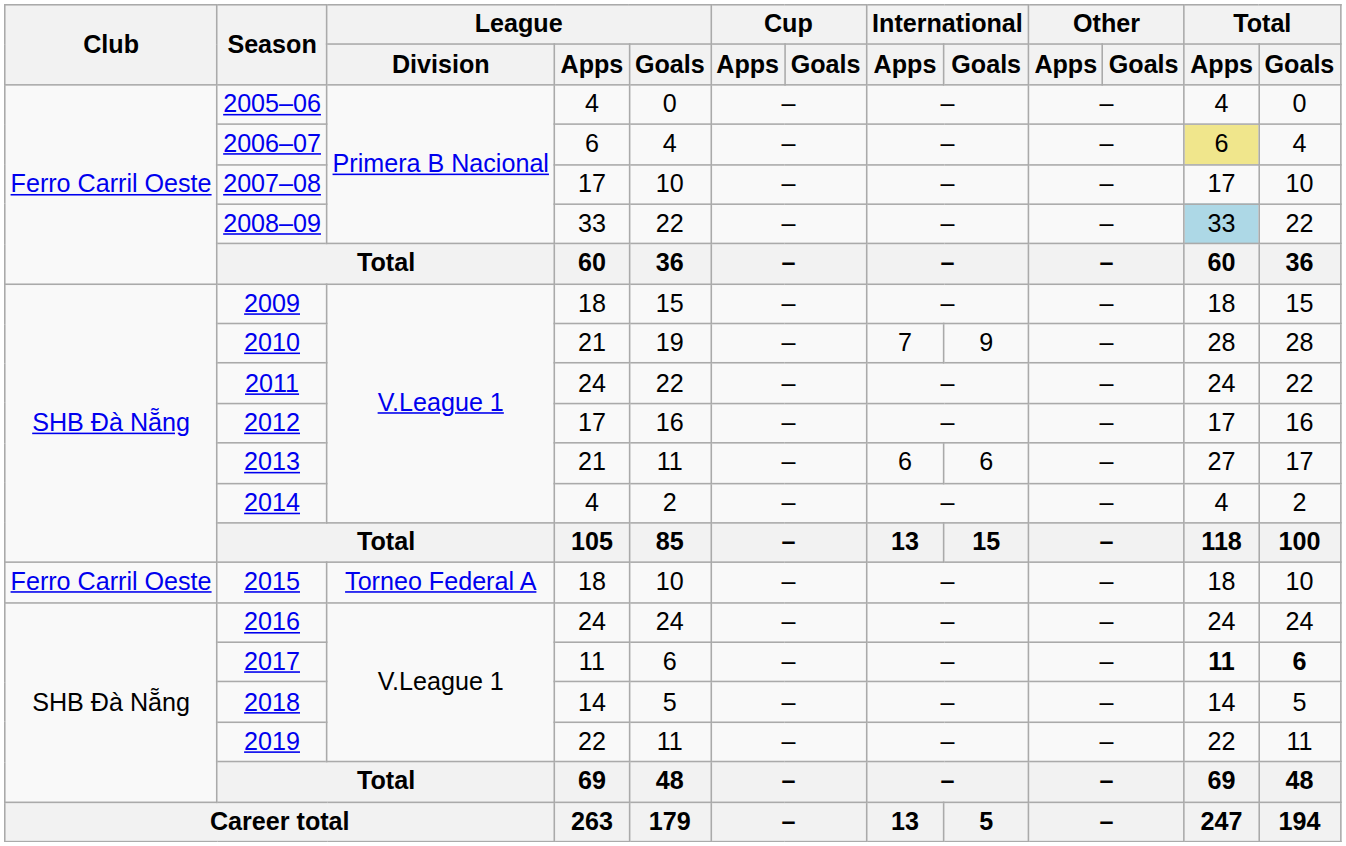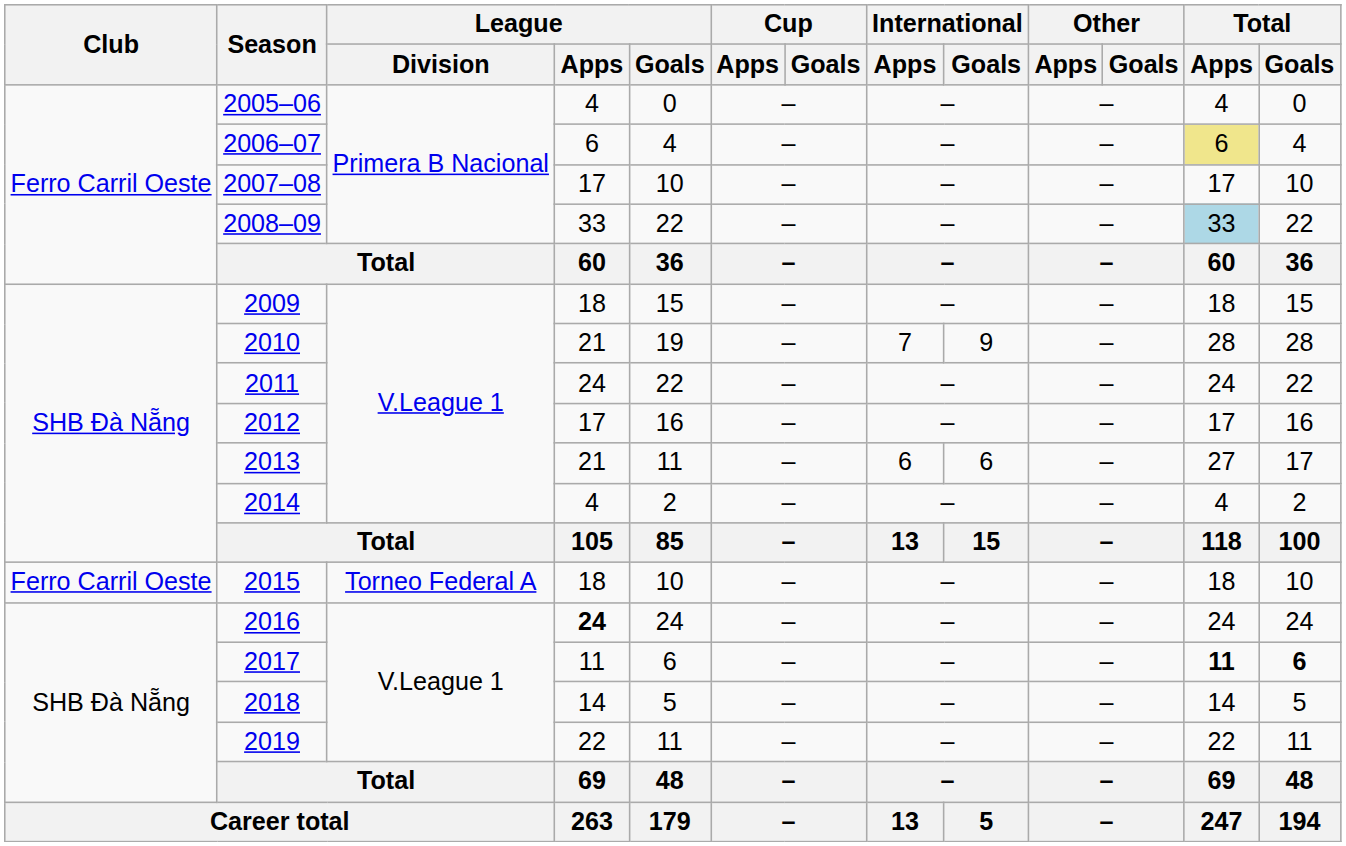 <table class="wikitable" style="text-align:center">
 <tr>
 <th rowspan="2">Club</th>
 <th rowspan="2">Season</th>
 <th colspan="3">League</th>
 <th colspan="2">Cup</th>
 <th colspan="2">International</th>
 <th colspan="2">Other</th>
 <th colspan="2">Total</th>
 </tr>
 <tr>
 <th>Division</th>
 <th>Apps</th>
 <th>Goals</th>
 <th>Apps</th>
 <th>Goals</th>
 <th>Apps</th>
 <th>Goals</th>
 <th>Apps</th>
 <th>Goals</th>
 <th>Apps</th>
 <th>Goals</th>
 </tr>
 <tr>
 <td rowspan="5"><a href='#'>Ferro Carril Oeste</a></td>
 <td><a href='#'>2005–06</a></td>
 <td rowspan="4"><a href='#'>Primera B Nacional</a></td>
 <td>4</td>
 <td>0</td>
 <td colspan="2">–</td>
 <td colspan="2">–</td>
 <td colspan="2">–</td>
 <td>4</td>
 <td>0</td>
 </tr>
 <tr>
 <td><a href='#'>2006–07</a></td>
 <td>6</td>
 <td>4</td>
 <td colspan="2">–</td>
 <td colspan="2">–</td>
 <td colspan="2">–</td>
 <td style="background: khaki;">6</td>
 <td>4</td>
 </tr>
 <tr>
 <td><a href='#'>2007–08</a></td>
 <td>17</td>
 <td>10</td>
 <td colspan="2">–</td>
 <td colspan="2">–</td>
 <td colspan="2">–</td>
 <td>17</td>
 <td>10</td>
 </tr>
 <tr>
 <td><a href='#'>2008–09</a></td>
 <td>33</td>
 <td>22</td>
 <td colspan="2">–</td>
 <td colspan="2">–</td>
 <td colspan="2">–</td>
 <td style="background: lightblue;">33</td>
 <td>22</td>
 </tr>
 <tr>
 <th colspan="2">Total</th>
 <th>60</th>
 <th>36</th>
 <th colspan="2">–</th>
 <th colspan="2">–</th>
 <th colspan="2">–</th>
 <th>60</th>
 <th>36</th>
 </tr>
 <tr>
 <td rowspan="7"><a href='#'>SHB Đà Nẵng</a></td>
 <td><a href='#'>2009</a></td>
 <td rowspan="6"><a href='#'>V.League 1</a></td>
 <td>18</td>
 <td>15</td>
 <td colspan="2">–</td>
 <td colspan="2">–</td>
 <td colspan="2">–</td>
 <td>18</td>
 <td>15</td>
 </tr>
 <tr>
 <td><a href='#'>2010</a></td>
 <td>21</td>
 <td>19</td>
 <td colspan="2">–</td>
 <td>7</td>
 <td>9</td>
 <td colspan="2">–</td>
 <td>28</td>
 <td>28</td>
 </tr>
 <tr>
 <td><a href='#'>2011</a></td>
 <td>24</td>
 <td>22</td>
 <td colspan="2">–</td>
 <td colspan="2">–</td>
 <td colspan="2">–</td>
 <td>24</td>
 <td>22</td>
 </tr>
 <tr>
 <td><a href='#'>2012</a></td>
 <td>17</td>
 <td>16</td>
 <td colspan="2">–</td>
 <td colspan="2">–</td>
 <td colspan="2">–</td>
 <td>17</td>
 <td>16</td>
 </tr>
 <tr>
 <td><a href='#'>2013</a></td>
 <td>21</td>
 <td>11</td>
 <td colspan="2">–</td>
 <td>6</td>
 <td>6</td>
 <td colspan="2">–</td>
 <td>27</td>
 <td>17</td>
 </tr>
 <tr>
 <td><a href='#'>2014</a></td>
 <td>4</td>
 <td>2</td>
 <td colspan="2">–</td>
 <td colspan="2">–</td>
 <td colspan="2">–</td>
 <td>4</td>
 <td>2</td>
 </tr>
 <tr>
 <th colspan="2">Total</th>
 <th>105</th>
 <th>85</th>
 <th colspan="2">–</th>
 <th>13</th>
 <th>15</th>
 <th colspan="2">–</th>
 <th>118</th>
 <th>100</th>
 </tr>
 <tr>
 <td><a href='#'>Ferro Carril Oeste</a></td>
 <td><a href='#'>2015</a></td>
 <td><a href='#'>Torneo Federal A</a></td>
 <td>18</td>
 <td>10</td>
 <td colspan="2">–</td>
 <td colspan="2">–</td>
 <td colspan="2">–</td>
 <td>18</td>
 <td>10</td>
 </tr>
 <tr>
 <td rowspan="5">SHB Đà Nẵng</td>
 <td><a href='#'>2016</a></td>
 <td rowspan="4">V.League 1</td>
-<td>24</td>
+<td><strong>24</strong></td>
 <td>24</td>
 <td colspan="2">–</td>
 <td colspan="2">–</td>
 <td colspan="2">–</td>
 <td>24</td>
 <td>24</td>
 </tr>
 <tr>
 <td><a href='#'>2017</a></td>
 <td>11</td>
 <td>6</td>
 <td colspan="2">–</td>
 <td colspan="2">–</td>
 <td colspan="2">–</td>
 <td><strong>11</strong></td>
 <td><strong>6</strong></td>
 </tr>
 <tr>
 <td><a href='#'>2018</a></td>
 <td>14</td>
 <td>5</td>
 <td colspan="2">–</td>
 <td colspan="2">–</td>
 <td colspan="2">–</td>
 <td>14</td>
 <td>5</td>
 </tr>
 <tr>
 <td><a href='#'>2019</a></td>
 <td>22</td>
 <td>11</td>
 <td colspan="2">–</td>
 <td colspan="2">–</td>
 <td colspan="2">–</td>
 <td>22</td>
 <td>11</td>
 </tr>
 <tr>
 <th colspan="2">Total</th>
 <th>69</th>
 <th>48</th>
 <th colspan="2">–</th>
 <th colspan="2">–</th>
 <th colspan="2">–</th>
 <th>69</th>
 <th>48</th>
 </tr>
 <tr>
 <th colspan="3">Career total</th>
 <th>263</th>
 <th>179</th>
 <th colspan="2">–</th>
 <th>13</th>
 <th>5</th>
 <th colspan="2">–</th>
 <th>247</th>
 <th>194</th>
 </tr>
 </table>
